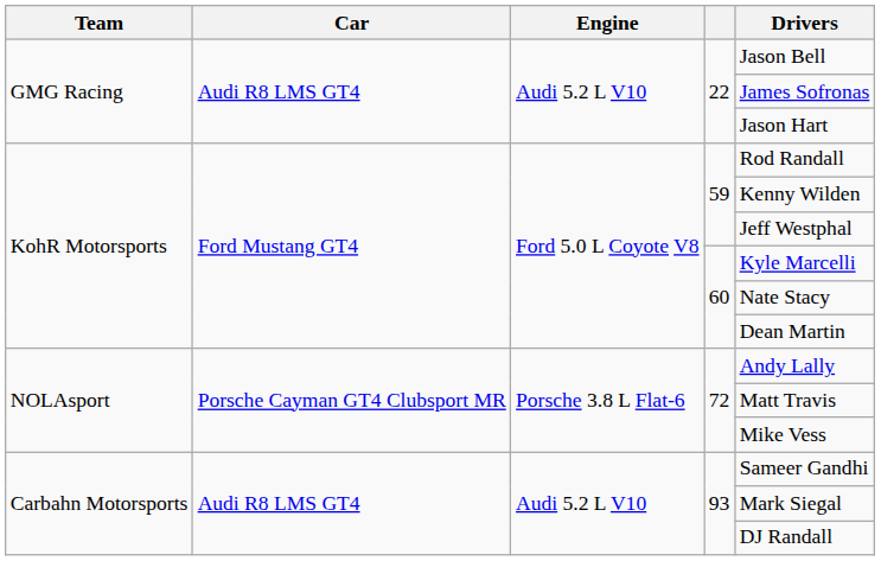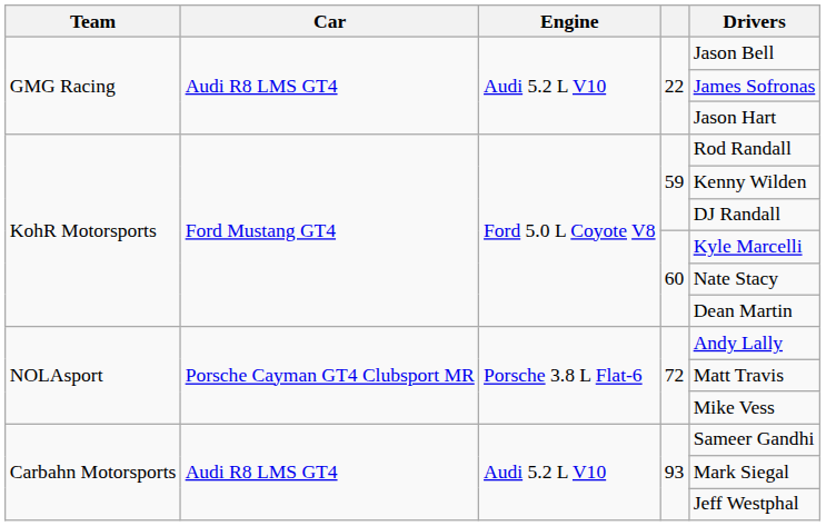 <table class="wikitable" style="font-size: 85%">
 <tr>
 <th>Team</th>
 <th>Car</th>
 <th>Engine</th>
 <th></th>
 <th>Drivers</th>
 </tr>
 <tr>
 <td rowspan=3> GMG Racing</td>
 <td rowspan=3><a href='#'>Audi R8 LMS GT4</a></td>
 <td rowspan=3><a href='#'>Audi</a> 5.2 L <a href='#'>V10</a></td>
 <td rowspan=3 align="center">22</td>
 <td> Jason Bell</td>
 </tr>
 <tr>
 <td> <a href='#'>James Sofronas</a></td>
 </tr>
 <tr>
 <td> Jason Hart</td>
 </tr>
 <tr>
 <td rowspan=6> KohR Motorsports</td>
 <td rowspan=6><a href='#'>Ford Mustang GT4</a></td>
 <td rowspan=6><a href='#'>Ford</a> 5.0 L <a href='#'>Coyote</a> <a href='#'>V8</a></td>
 <td rowspan=3 align="center">59</td>
 <td> Rod Randall</td>
 </tr>
 <tr>
 <td> Kenny Wilden</td>
 </tr>
 <tr>
-<td> Jeff Westphal</td>
+<td> DJ Randall</td>
 </tr>
 <tr>
 <td rowspan=3 align="center">60</td>
 <td> <a href='#'>Kyle Marcelli</a></td>
 </tr>
 <tr>
 <td> Nate Stacy</td>
 </tr>
 <tr>
 <td> Dean Martin</td>
 </tr>
 <tr>
 <td rowspan=3> NOLAsport</td>
 <td rowspan=3><a href='#'>Porsche Cayman GT4 Clubsport MR</a></td>
 <td rowspan=3><a href='#'>Porsche</a> 3.8 L <a href='#'>Flat-6</a></td>
 <td rowspan=3 align="center">72</td>
 <td> <a href='#'>Andy Lally</a></td>
 </tr>
 <tr>
 <td> Matt Travis</td>
 </tr>
 <tr>
 <td> Mike Vess</td>
 </tr>
 <tr>
 <td rowspan=3> Carbahn Motorsports</td>
 <td rowspan=3><a href='#'>Audi R8 LMS GT4</a></td>
 <td rowspan=3><a href='#'>Audi</a> 5.2 L <a href='#'>V10</a></td>
 <td rowspan=3 align="center">93</td>
 <td> Sameer Gandhi</td>
 </tr>
 <tr>
 <td> Mark Siegal</td>
 </tr>
 <tr>
-<td> DJ Randall</td>
+<td> Jeff Westphal</td>
 </tr>
 </table>
